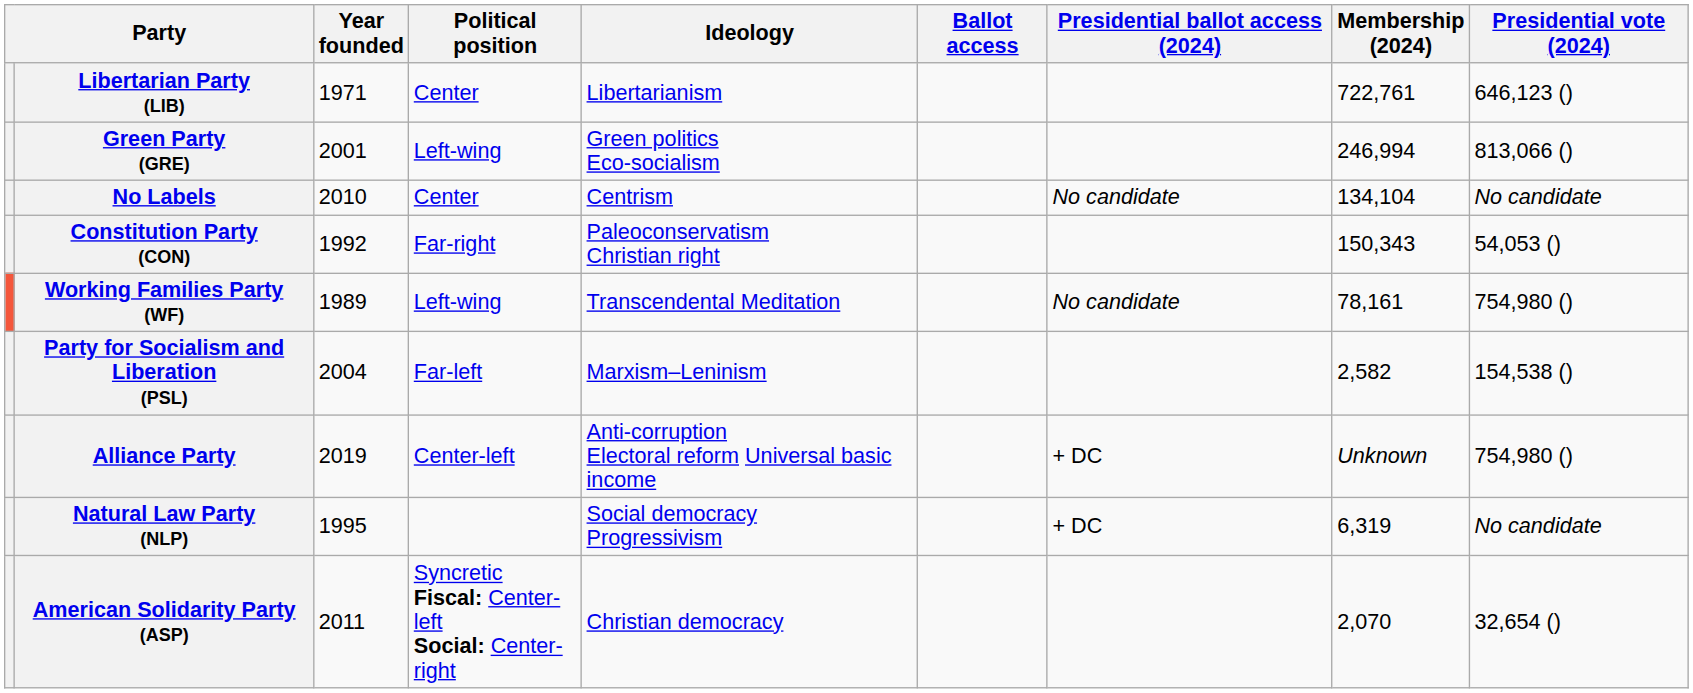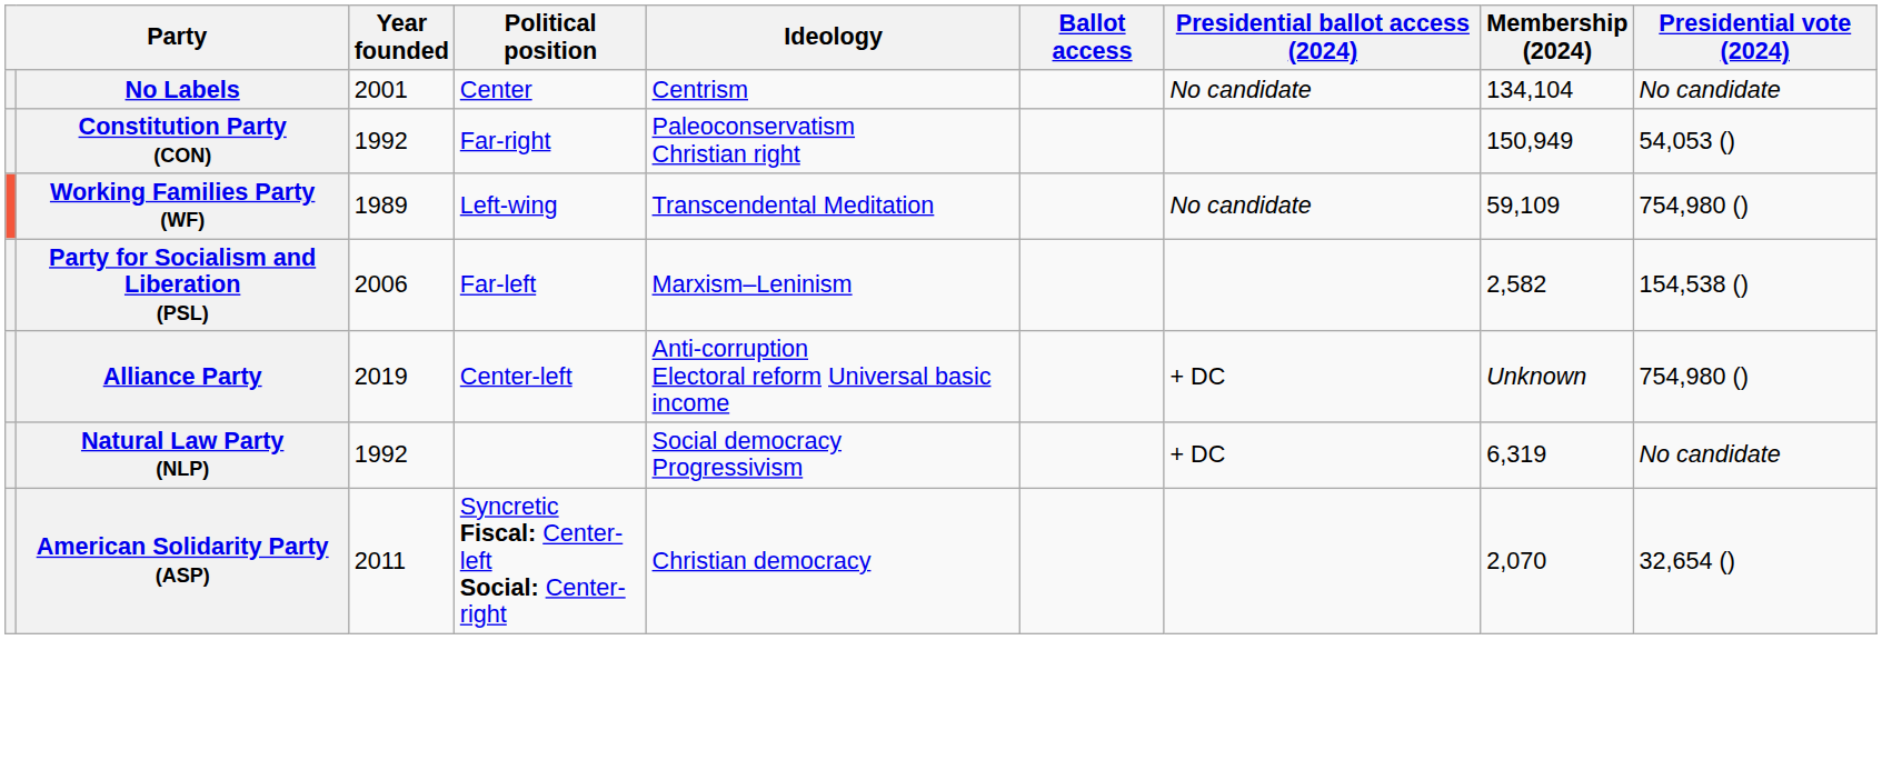 <table class="wikitable sortable plainrowheaders">
 <tr>
 <th scope="col" colspan="2">Party</th>
 <th scope="col">Year<br>founded</th>
 <th>Political position</th>
 <th scope="col">Ideology</th>
 <th scope="col"><a href='#'>Ballot access</a></th>
 <th scope="col"><a href='#'>Presidential ballot access (2024)</a></th>
 <th scope="col">Membership<br>(2024)</th>
 <th scope="col" data-sort-type="number"><a href='#'>Presidential vote (2024)</a></th>
 </tr>
 <tr>
-<th style="background-color:"></th>
-<th><a href='#'>Libertarian Party</a><br><small>(LIB)</small></th>
-<td>1971</td>
-<td><a href='#'>Center</a></td>
-<td><a href='#'>Libertarianism</a></td>
-<td></td>
-<td></td>
-<td>722,761</td>
-<td>646,123 ()</td>
-</tr>
-<tr>
-<th style="background-color:"></th>
-<th><a href='#'>Green Party</a><br><small>(GRE)</small></th>
-<td>2001</td>
-<td><a href='#'>Left-wing</a></td>
-<td><a href='#'>Green politics</a><br><a href='#'>Eco-socialism</a></td>
-<td></td>
-<td></td>
-<td>246,994</td>
-<td>813,066 ()</td>
-</tr>
-<tr>
 <th></th>
 <th><a href='#'>No Labels</a></th>
-<td>2010</td>
+<td>2001</td>
 <td><a href='#'>Center</a></td>
 <td><a href='#'>Centrism</a></td>
 <td></td>
 <td><em>No candidate</em></td>
 <td>134,104</td>
 <td><em>No candidate</em></td>
 </tr>
 <tr>
 <th style="background-color:"></th>
 <th><a href='#'>Constitution Party</a><br><small>(CON)</small></th>
 <td>1992</td>
 <td><a href='#'>Far-right</a></td>
 <td><a href='#'>Paleoconservatism</a><br><a href='#'>Christian right</a></td>
 <td></td>
 <td></td>
-<td>150,343</td>
+<td>150,949</td>
 <td>54,053 ()</td>
 </tr>
 <tr>
 <th style="background-color:#f4563b";></th>
 <th><a href='#'>Working Families Party</a><br><small>(WF)</small></th>
 <td>1989</td>
 <td><a href='#'>Left-wing</a></td>
 <td><a href='#'>Transcendental Meditation</a></td>
 <td></td>
 <td><em>No candidate</em></td>
-<td>78,161</td>
+<td>59,109</td>
 <td>754,980 ()</td>
 </tr>
 <tr>
 <th style="background-color:"></th>
 <th><a href='#'>Party for Socialism and Liberation</a><br><small>(PSL)</small></th>
-<td>2004</td>
+<td>2006</td>
 <td><a href='#'>Far-left</a></td>
 <td><a href='#'>Marxism–Leninism</a></td>
 <td></td>
 <td></td>
 <td>2,582</td>
 <td>154,538 ()</td>
 </tr>
 <tr>
 <th style="background-color:"></th>
 <th><a href='#'>Alliance Party</a></th>
 <td>2019</td>
 <td><a href='#'>Center-left</a></td>
 <td><a href='#'>Anti-corruption</a><br><a href='#'>Electoral reform</a> <a href='#'>Universal basic income</a></td>
 <td></td>
 <td> + DC</td>
 <td><em>Unknown</em></td>
 <td>754,980 ()</td>
 </tr>
 <tr>
 <th style="background-color:"></th>
 <th><a href='#'>Natural Law Party</a><br><small>(NLP)</small></th>
-<td>1995</td>
+<td>1992</td>
 <td></td>
 <td><a href='#'>Social democracy</a><br><a href='#'>Progressivism</a></td>
 <td></td>
 <td> + DC</td>
 <td>6,319</td>
 <td><em>No candidate</em></td>
 </tr>
 <tr>
 <th style="background-color:"></th>
 <th><a href='#'>American Solidarity Party</a><br><small>(ASP)</small></th>
 <td>2011</td>
 <td><a href='#'>Syncretic</a><br><strong>Fiscal:</strong> <a href='#'>Center-left</a><br><strong>Social:</strong> <a href='#'>Center-right</a></td>
 <td><a href='#'>Christian democracy</a></td>
 <td></td>
 <td></td>
 <td>2,070</td>
 <td>32,654 ()</td>
 </tr>
 </table>
